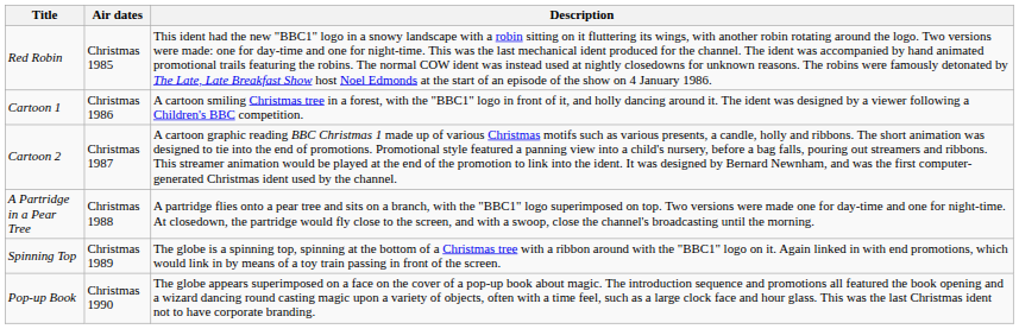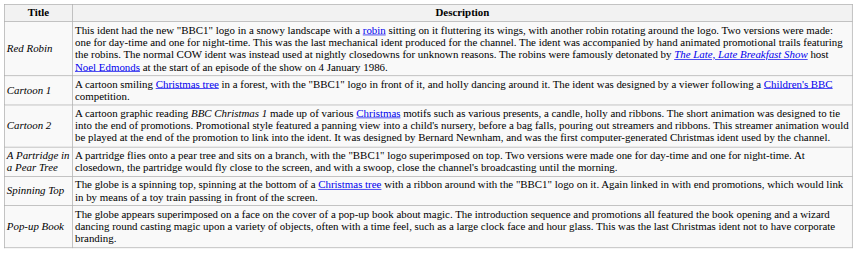 <table class="wikitable">
 <tr>
 <th>Title</th>
-<th>Air dates</th>
 <th>Description</th>
 </tr>
 <tr>
 <td><em>Red Robin</em></td>
-<td>Christmas 1985</td>
 <td>This ident had the new "BBC1" logo in a snowy landscape with a <a href='#'>robin</a> sitting on it fluttering its wings, with another robin rotating around the logo. Two versions were made: one for day-time and one for night-time. This was the last mechanical ident produced for the channel. The ident was accompanied by hand animated promotional trails featuring the robins. The normal COW ident was instead used at nightly closedowns for unknown reasons. The robins were famously detonated by <em><a href='#'>The Late, Late Breakfast Show</a></em> host <a href='#'>Noel Edmonds</a> at the start of an episode of the show on 4 January 1986.</td>
 </tr>
 <tr>
 <td><em>Cartoon 1</em></td>
-<td>Christmas 1986</td>
 <td>A cartoon smiling <a href='#'>Christmas tree</a> in a forest, with the "BBC1" logo in front of it, and holly dancing around it. The ident was designed by a viewer following a <a href='#'>Children's BBC</a> competition.</td>
 </tr>
 <tr>
 <td><em>Cartoon 2</em></td>
-<td>Christmas 1987</td>
 <td>A cartoon graphic reading <em>BBC Christmas 1</em> made up of various <a href='#'>Christmas</a> motifs such as various presents, a candle, holly and ribbons. The short animation was designed to tie into the end of promotions. Promotional style featured a panning view into a child's nursery, before a bag falls, pouring out streamers and ribbons. This streamer animation would be played at the end of the promotion to link into the ident. It was designed by Bernard Newnham, and was the first computer-generated Christmas ident used by the channel.</td>
 </tr>
 <tr>
 <td><em>A Partridge in a Pear Tree</em></td>
-<td>Christmas 1988</td>
 <td>A partridge flies onto a pear tree and sits on a branch, with the "BBC1" logo superimposed on top. Two versions were made one for day-time and one for night-time. At closedown, the partridge would fly close to the screen, and with a swoop, close the channel's broadcasting until the morning.</td>
 </tr>
 <tr>
 <td><em>Spinning Top</em></td>
-<td>Christmas 1989</td>
 <td>The globe is a spinning top, spinning at the bottom of a <a href='#'>Christmas tree</a> with a ribbon around with the "BBC1" logo on it. Again linked in with end promotions, which would link in by means of a toy train passing in front of the screen.</td>
 </tr>
 <tr>
 <td><em>Pop-up Book</em></td>
-<td>Christmas 1990</td>
 <td>The globe appears superimposed on a face on the cover of a pop-up book about magic. The introduction sequence and promotions all featured the book opening and a wizard dancing round casting magic upon a variety of objects, often with a time feel, such as a large clock face and hour glass. This was the last Christmas ident not to have corporate branding.</td>
 </tr>
 </table>
